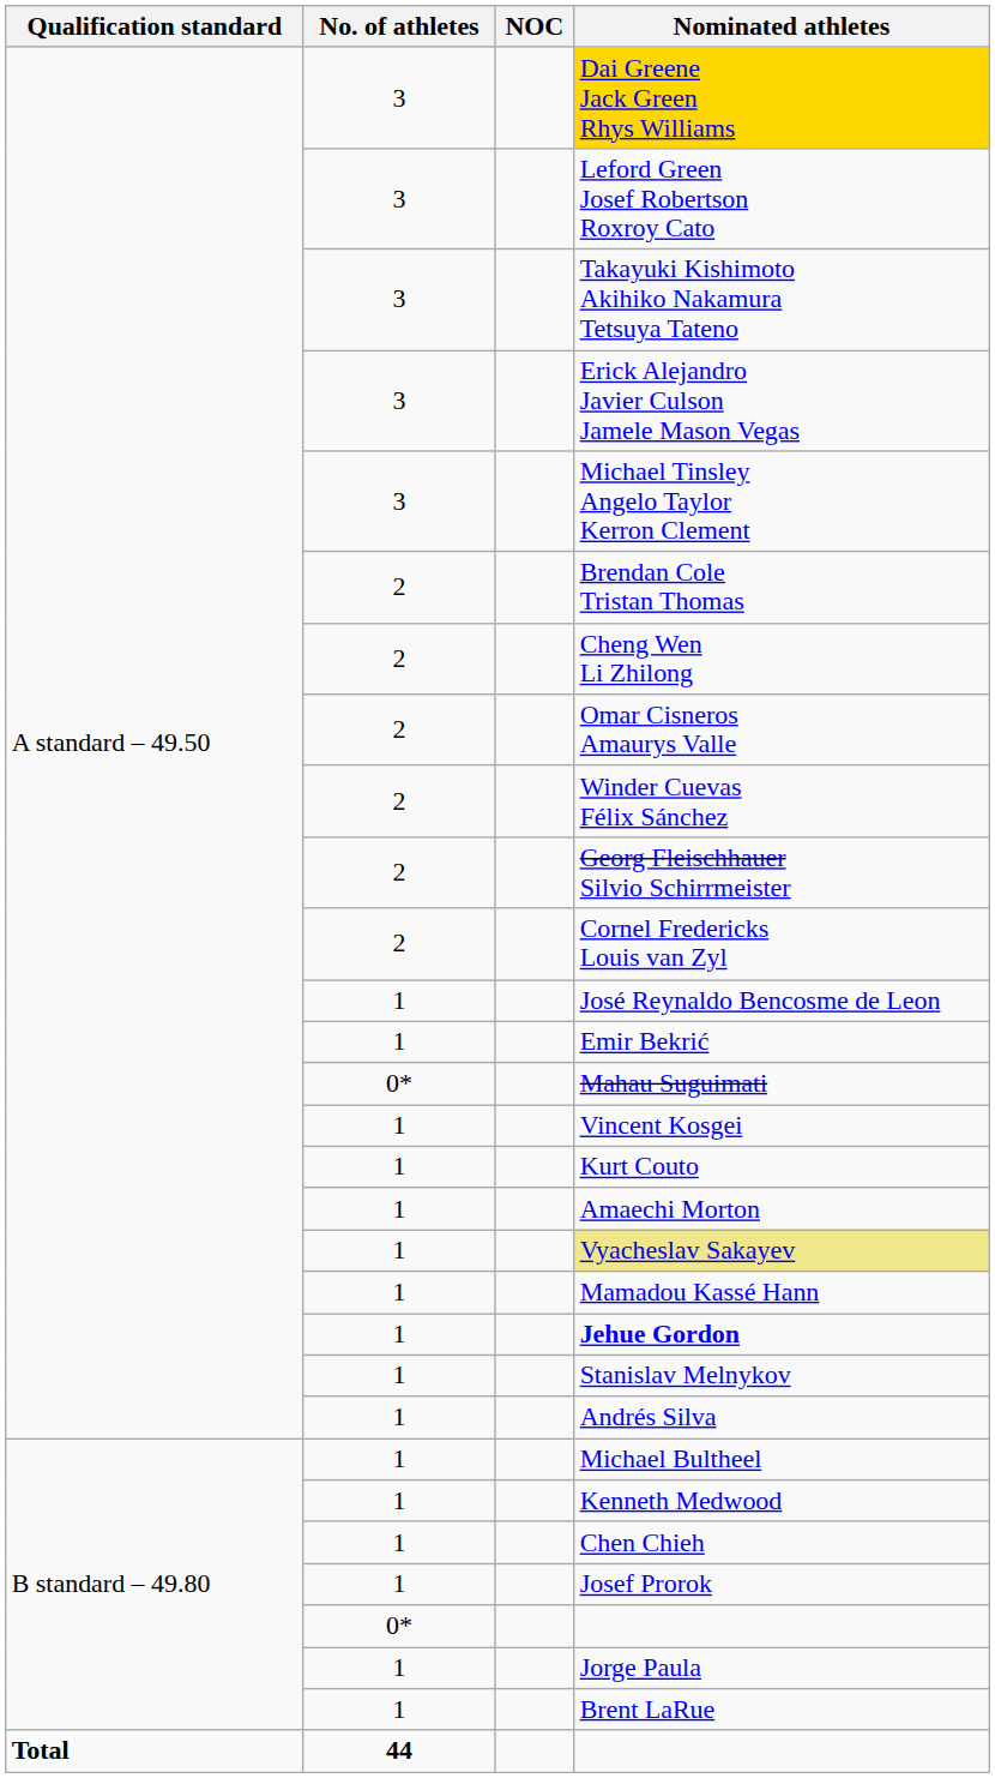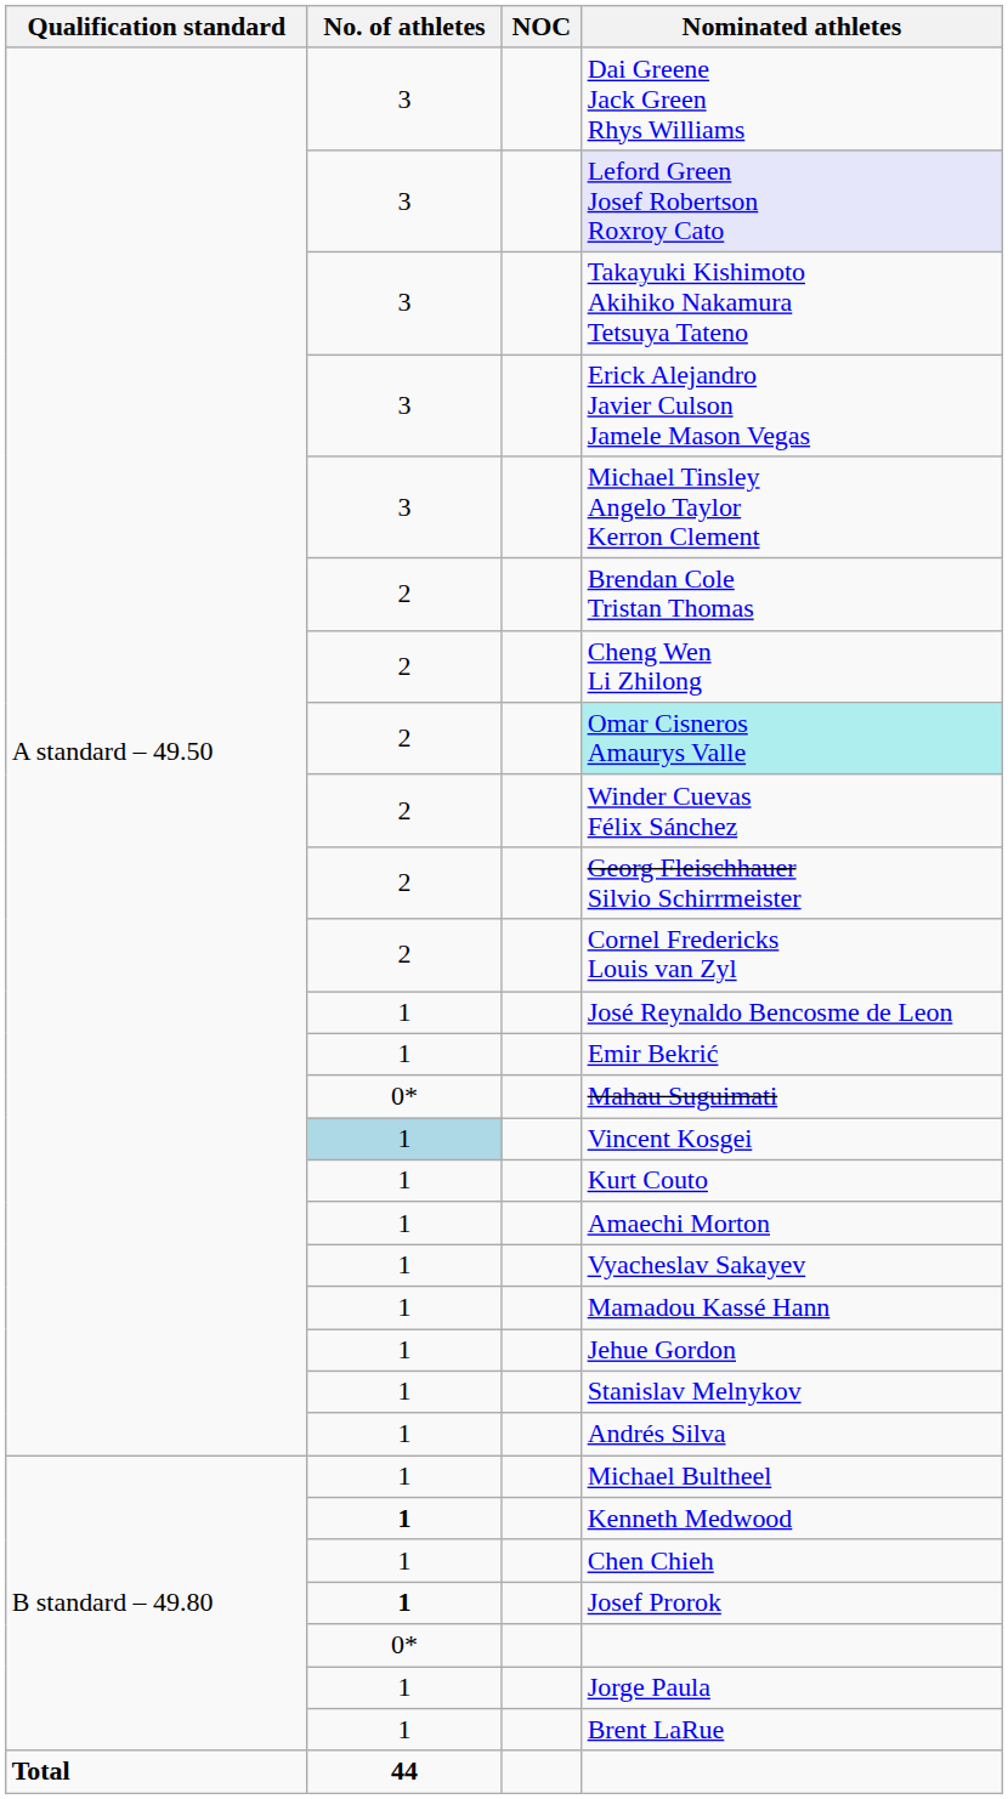 <table class="wikitable"  style="text-align:left; width:600px;">
 <tr>
 <th>Qualification standard</th>
 <th>No. of athletes</th>
 <th>NOC</th>
 <th>Nominated athletes</th>
 </tr>
 <tr>
 <td rowspan="22">A standard – 49.50</td>
 <td align=center>3</td>
 <td></td>
-<td style="background: gold;"><a href='#'>Dai Greene</a><br><a href='#'>Jack Green</a><br><a href='#'>Rhys Williams</a></td>
+<td><a href='#'>Dai Greene</a><br><a href='#'>Jack Green</a><br><a href='#'>Rhys Williams</a></td>
 </tr>
 <tr>
 <td align=center>3</td>
 <td></td>
-<td><a href='#'>Leford Green</a><br><a href='#'>Josef Robertson</a><br><a href='#'>Roxroy Cato</a></td>
+<td style="background: lavender;"><a href='#'>Leford Green</a><br><a href='#'>Josef Robertson</a><br><a href='#'>Roxroy Cato</a></td>
 </tr>
 <tr>
 <td align=center>3</td>
 <td></td>
 <td><a href='#'>Takayuki Kishimoto</a><br><a href='#'>Akihiko Nakamura</a><br><a href='#'>Tetsuya Tateno</a></td>
 </tr>
 <tr>
 <td align=center>3</td>
 <td></td>
 <td><a href='#'>Erick Alejandro</a><br><a href='#'>Javier Culson</a><br><a href='#'>Jamele Mason Vegas</a></td>
 </tr>
 <tr>
 <td align=center>3</td>
 <td></td>
 <td><a href='#'>Michael Tinsley</a><br><a href='#'>Angelo Taylor</a><br><a href='#'>Kerron Clement</a></td>
 </tr>
 <tr>
 <td align=center>2</td>
 <td></td>
 <td><a href='#'>Brendan Cole</a><br><a href='#'>Tristan Thomas</a></td>
 </tr>
 <tr>
 <td align=center>2</td>
 <td></td>
 <td><a href='#'>Cheng Wen</a><br><a href='#'>Li Zhilong</a></td>
 </tr>
 <tr>
 <td align=center>2</td>
 <td></td>
-<td><a href='#'>Omar Cisneros</a><br><a href='#'>Amaurys Valle</a></td>
+<td style="background: paleturquoise;"><a href='#'>Omar Cisneros</a><br><a href='#'>Amaurys Valle</a></td>
 </tr>
 <tr>
 <td align=center>2</td>
 <td></td>
 <td><a href='#'>Winder Cuevas</a><br><a href='#'>Félix Sánchez</a></td>
 </tr>
 <tr>
 <td align=center>2</td>
 <td></td>
 <td><s><a href='#'>Georg Fleischhauer</a></s><br><a href='#'>Silvio Schirrmeister</a></td>
 </tr>
 <tr>
 <td align=center>2</td>
 <td></td>
 <td><a href='#'>Cornel Fredericks</a><br><a href='#'>Louis van Zyl</a></td>
 </tr>
 <tr>
 <td align=center>1</td>
 <td></td>
 <td><a href='#'>José Reynaldo Bencosme de Leon</a></td>
 </tr>
 <tr>
 <td align=center>1</td>
 <td></td>
 <td><a href='#'>Emir Bekrić</a></td>
 </tr>
 <tr>
 <td align=center>0*</td>
 <td></td>
 <td><s><a href='#'>Mahau Suguimati</a></s></td>
 </tr>
 <tr>
-<td align=center>1</td>
+<td align=center style="background: lightblue;">1</td>
 <td></td>
 <td><a href='#'>Vincent Kosgei</a></td>
 </tr>
 <tr>
 <td align=center>1</td>
 <td></td>
 <td><a href='#'>Kurt Couto</a></td>
 </tr>
 <tr>
 <td align=center>1</td>
 <td></td>
 <td><a href='#'>Amaechi Morton</a></td>
 </tr>
 <tr>
 <td align=center>1</td>
 <td></td>
-<td style="background: khaki;"><a href='#'>Vyacheslav Sakayev</a></td>
+<td><a href='#'>Vyacheslav Sakayev</a></td>
 </tr>
 <tr>
 <td align=center>1</td>
 <td></td>
 <td><a href='#'>Mamadou Kassé Hann</a></td>
 </tr>
 <tr>
 <td align=center>1</td>
 <td></td>
-<td><strong><a href='#'>Jehue Gordon</a></strong></td>
+<td><a href='#'>Jehue Gordon</a></td>
 </tr>
 <tr>
 <td align=center>1</td>
 <td></td>
 <td><a href='#'>Stanislav Melnykov</a></td>
 </tr>
 <tr>
 <td align=center>1</td>
 <td></td>
 <td><a href='#'>Andrés Silva</a></td>
 </tr>
 <tr>
 <td rowspan="7">B standard – 49.80</td>
 <td align=center>1</td>
 <td></td>
 <td><a href='#'>Michael Bultheel</a></td>
 </tr>
 <tr>
-<td align=center>1</td>
+<td align=center><strong>1</strong></td>
 <td></td>
 <td><a href='#'>Kenneth Medwood</a></td>
 </tr>
 <tr>
 <td align=center>1</td>
 <td></td>
 <td><a href='#'>Chen Chieh</a></td>
 </tr>
 <tr>
-<td align=center>1</td>
+<td align=center><strong>1</strong></td>
 <td></td>
 <td><a href='#'>Josef Prorok</a></td>
 </tr>
 <tr>
 <td align=center>0*</td>
 <td><s></s></td>
 <td></td>
 </tr>
 <tr>
 <td align=center>1</td>
 <td></td>
 <td><a href='#'>Jorge Paula</a></td>
 </tr>
 <tr>
 <td align=center>1</td>
 <td></td>
 <td><a href='#'>Brent LaRue</a></td>
 </tr>
 <tr>
 <td><strong>Total</strong></td>
 <td align=center><strong>44</strong></td>
 <td></td>
 <td></td>
 </tr>
 </table>
